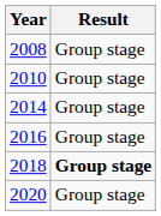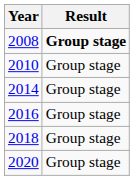 <table class="wikitable">
 <tr>
 <th>Year</th>
 <th>Result</th>
 </tr>
 <tr>
 <td> <a href='#'>2008</a></td>
-<td>Group stage</td>
+<td><strong>Group stage</strong></td>
 </tr>
 <tr>
 <td> <a href='#'>2010</a></td>
 <td>Group stage</td>
 </tr>
 <tr>
 <td> <a href='#'>2014</a></td>
 <td>Group stage</td>
 </tr>
 <tr>
 <td> <a href='#'>2016</a></td>
 <td>Group stage</td>
 </tr>
 <tr>
 <td> <a href='#'>2018</a></td>
-<td><strong>Group stage</strong></td>
+<td>Group stage</td>
 </tr>
 <tr>
 <td> <a href='#'>2020</a></td>
 <td>Group stage</td>
 </tr>
 </table>
